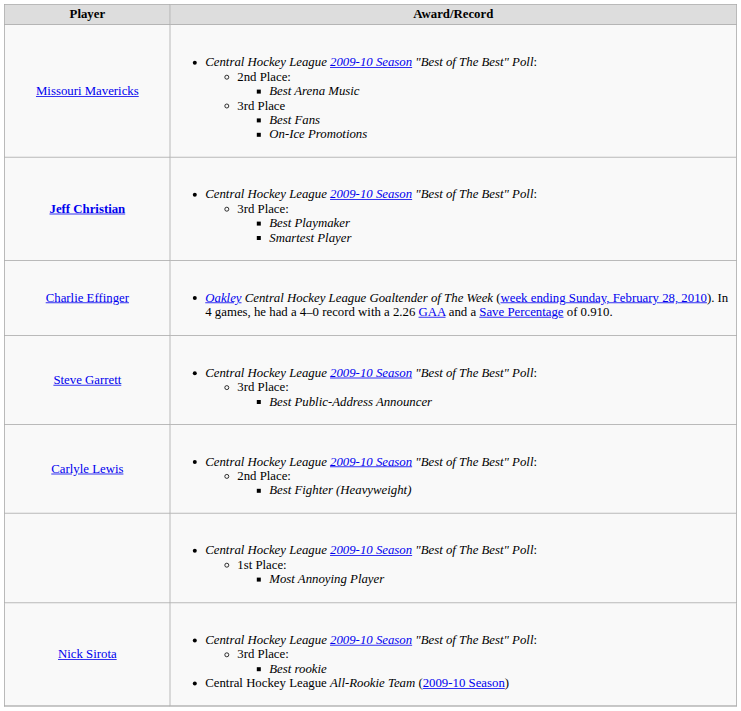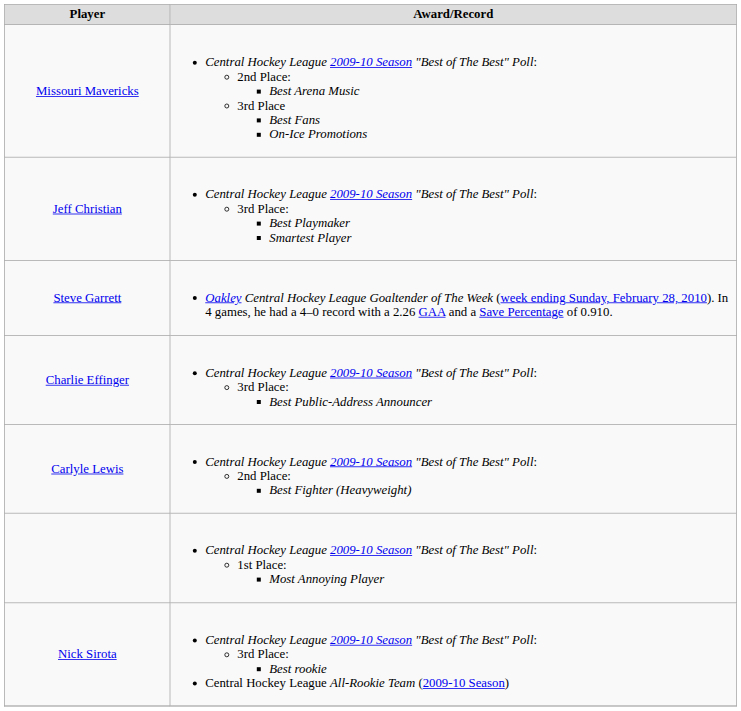 <table class="wikitable" style="text-align: center;">
 <tr align="center" bgcolor="dddddd">
 <td width="200px"><strong>Player</strong></td>
 <td width="700px"><strong>Award/Record</strong></td>
 </tr>
 <tr>
 <td style="text-align: center"><a href='#'>Missouri Mavericks</a></td>
 <td style="text-align: left;"><br><ul><li><em>Central Hockey League <a href='#'>2009-10 Season</a> "Best of The Best" Poll</em>:<ul><li>2nd Place:<ul><li><em>Best Arena Music</em></li></ul></li><li>3rd Place<ul><li><em>Best Fans</em></li><li><em>On-Ice Promotions</em></li></ul></li></ul></li></ul></td>
 </tr>
 <tr>
-<td style="text-align: center"><strong><a href='#'>Jeff Christian</a></strong></td>
+<td style="text-align: center"><a href='#'>Jeff Christian</a></td>
 <td style="text-align: left;"><br><ul><li><em>Central Hockey League <a href='#'>2009-10 Season</a> "Best of The Best" Poll</em>:<ul><li>3rd Place:<ul><li><em>Best Playmaker</em></li><li><em>Smartest Player</em></li></ul></li></ul></li></ul></td>
 </tr>
 <tr>
-<td style="text-align: center"><a href='#'>Charlie Effinger</a></td>
+<td style="text-align: center"><a href='#'>Steve Garrett</a></td>
 <td style="text-align: left;"><br><ul><li><em><a href='#'>Oakley</a> Central Hockey League Goaltender of The Week</em> (<a href='#'>week ending Sunday, February 28, 2010</a>).  In 4 games, he had a 4–0 record with a 2.26 <a href='#'>GAA</a> and a <a href='#'>Save Percentage</a> of 0.910.</li></ul></td>
 </tr>
 <tr>
-<td style="text-align: center"><a href='#'>Steve Garrett</a></td>
+<td style="text-align: center"><a href='#'>Charlie Effinger</a></td>
 <td style="text-align: left;"><br><ul><li><em>Central Hockey League <a href='#'>2009-10 Season</a> "Best of The Best" Poll</em>:<ul><li>3rd Place:<ul><li><em>Best Public-Address Announcer</em></li></ul></li></ul></li></ul></td>
 </tr>
 <tr>
 <td style="text-align: center"><a href='#'>Carlyle Lewis</a></td>
 <td style="text-align: left;"><br><ul><li><em>Central Hockey League <a href='#'>2009-10 Season</a> "Best of The Best" Poll</em>:<ul><li>2nd Place:<ul><li><em>Best Fighter (Heavyweight)</em></li></ul></li></ul></li></ul></td>
 </tr>
 <tr>
 <td style="text-align: center"></td>
 <td style="text-align: left;"><br><ul><li><em>Central Hockey League <a href='#'>2009-10 Season</a> "Best of The Best" Poll</em>:<ul><li>1st Place:<ul><li><em>Most Annoying Player</em></li></ul></li></ul></li></ul></td>
 </tr>
 <tr>
 <td style="text-align: center"><a href='#'>Nick Sirota</a></td>
 <td style="text-align: left;"><br><ul><li><em>Central Hockey League <a href='#'>2009-10 Season</a> "Best of The Best" Poll</em>:<ul><li>3rd Place:<ul><li><em>Best rookie</em></li></ul></li></ul></li><li>Central Hockey League <em>All-Rookie Team</em> (<a href='#'>2009-10 Season</a>)</li></ul></td>
 </tr>
 <tr>
 </tr>
 </table>
